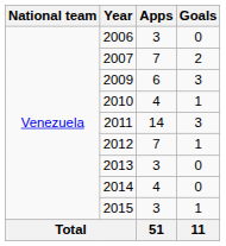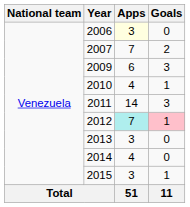 <table class="wikitable" style="text-align:center">
 <tr>
 <th>National team</th>
 <th>Year</th>
 <th>Apps</th>
 <th>Goals</th>
 </tr>
 <tr>
 <td rowspan="9"><a href='#'>Venezuela</a></td>
 <td>2006</td>
-<td>3</td>
+<td style="background: lightyellow;">3</td>
 <td>0</td>
 </tr>
 <tr>
 <td>2007</td>
 <td>7</td>
 <td>2</td>
 </tr>
 <tr>
 <td>2009</td>
 <td>6</td>
 <td>3</td>
 </tr>
 <tr>
 <td>2010</td>
 <td>4</td>
 <td>1</td>
 </tr>
 <tr>
 <td>2011</td>
 <td>14</td>
 <td>3</td>
 </tr>
 <tr>
 <td>2012</td>
-<td>7</td>
-<td>1</td>
+<td style="background: paleturquoise;">7</td>
+<td style="background: pink;">1</td>
 </tr>
 <tr>
 <td>2013</td>
 <td>3</td>
 <td>0</td>
 </tr>
 <tr>
 <td>2014</td>
 <td>4</td>
 <td>0</td>
 </tr>
 <tr>
 <td>2015</td>
 <td>3</td>
 <td>1</td>
 </tr>
 <tr>
 <th colspan="2">Total</th>
 <th>51</th>
 <th>11</th>
 </tr>
 </table>
